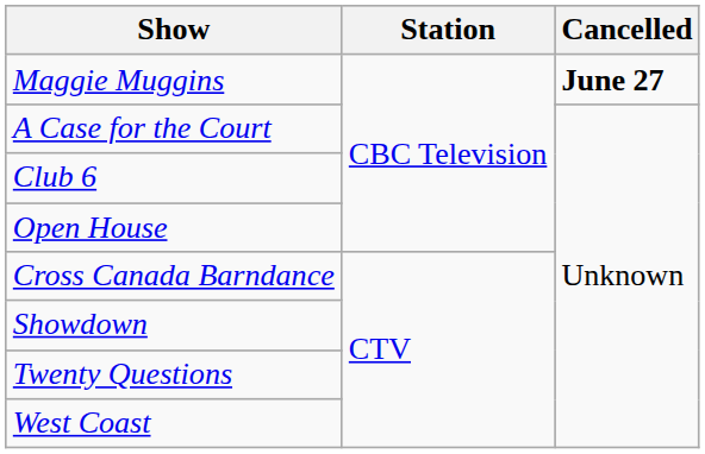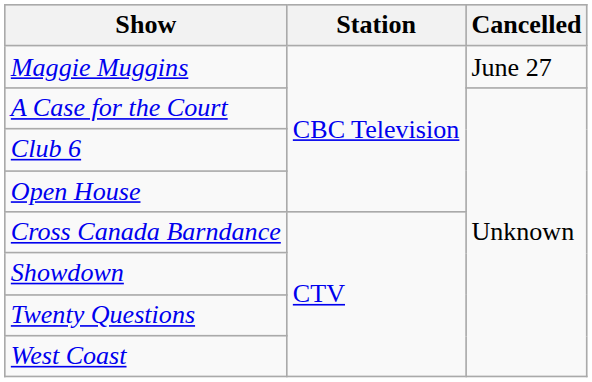 <table class="wikitable">
 <tr>
 <th>Show</th>
 <th>Station</th>
 <th>Cancelled</th>
 </tr>
 <tr>
 <td><em><a href='#'>Maggie Muggins</a></em></td>
 <td rowspan="4"><a href='#'>CBC Television</a></td>
-<td><strong>June 27</strong></td>
+<td>June 27</td>
 </tr>
 <tr>
 <td><em><a href='#'>A Case for the Court</a></em></td>
 <td rowspan="7">Unknown</td>
 </tr>
 <tr>
 <td><em><a href='#'>Club 6</a></em></td>
 </tr>
 <tr>
 <td><em><a href='#'>Open House</a></em></td>
 </tr>
 <tr>
 <td><em><a href='#'>Cross Canada Barndance</a></em></td>
 <td rowspan="4"><a href='#'>CTV</a></td>
 </tr>
 <tr>
 <td><em><a href='#'>Showdown</a></em></td>
 </tr>
 <tr>
 <td><em><a href='#'>Twenty Questions</a></em></td>
 </tr>
 <tr>
 <td><em><a href='#'>West Coast</a></em></td>
 </tr>
 </table>
